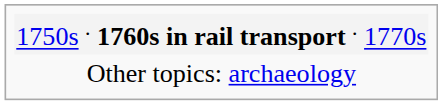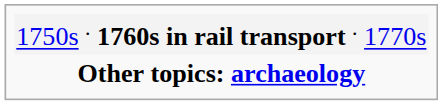 <table class="infobox">
 <tr style="background:#f3f3f3;">
 <td style="text-align:center;"><a href='#'>1750s</a> <sup>.</sup> <strong>1760s in rail transport</strong> <sup>.</sup> <a href='#'>1770s</a></td>
 </tr>
 <tr>
-<td style="text-align:center;">Other topics: <a href='#'>archaeology</a></td>
+<td style="text-align:center;"><strong>Other topics: <a href='#'>archaeology</a></strong></td>
 </tr>
 </table>
